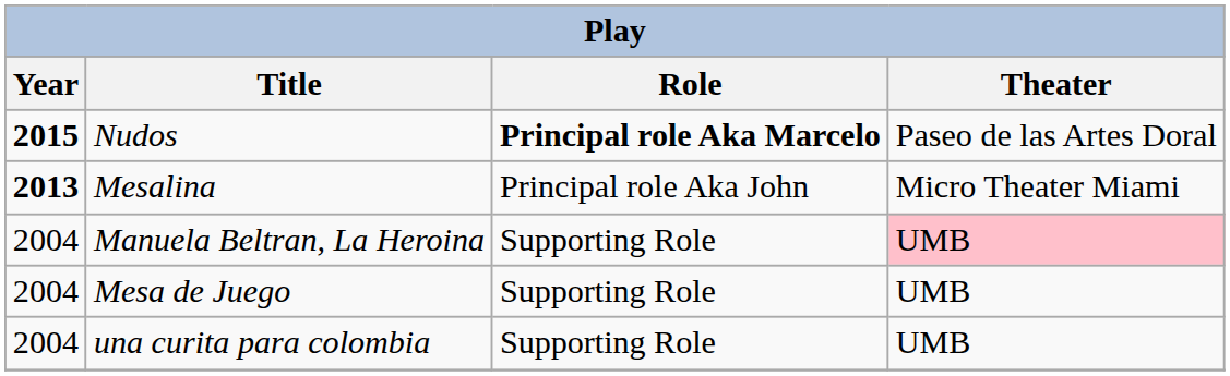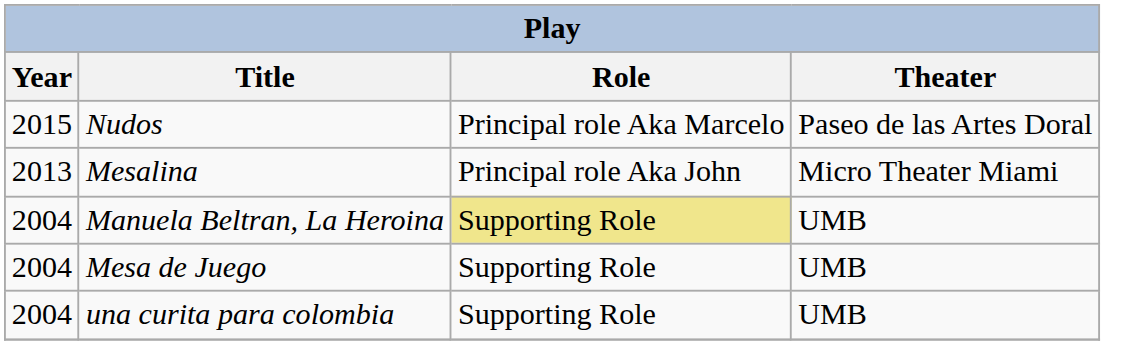 <table class="wikitable">
 <tr>
 <th colspan="5" style="background:LightSteelBlue;">Play</th>
 </tr>
 <tr>
 <th>Year</th>
 <th>Title</th>
 <th>Role</th>
 <th>Theater</th>
 </tr>
 <tr>
-<td><strong>2015</strong></td>
+<td>2015</td>
 <td><em>Nudos</em></td>
-<td><strong>Principal role Aka Marcelo</strong></td>
+<td>Principal role Aka Marcelo</td>
 <td>Paseo de las Artes Doral</td>
 </tr>
 <tr>
-<td><strong>2013</strong></td>
+<td>2013</td>
 <td><em>Mesalina</em></td>
 <td>Principal role Aka John</td>
 <td>Micro Theater Miami</td>
 </tr>
 <tr>
 <td>2004</td>
 <td><em>Manuela Beltran, La Heroina</em></td>
-<td>Supporting Role</td>
-<td style="background: pink;">UMB</td>
+<td style="background: khaki;">Supporting Role</td>
+<td>UMB</td>
 </tr>
 <tr>
 <td>2004</td>
 <td><em>Mesa de Juego</em></td>
 <td>Supporting Role</td>
 <td>UMB</td>
 </tr>
 <tr>
 <td>2004</td>
 <td><em>una curita para colombia </em></td>
 <td>Supporting Role</td>
 <td>UMB</td>
 </tr>
 <tr>
 </tr>
 </table>
